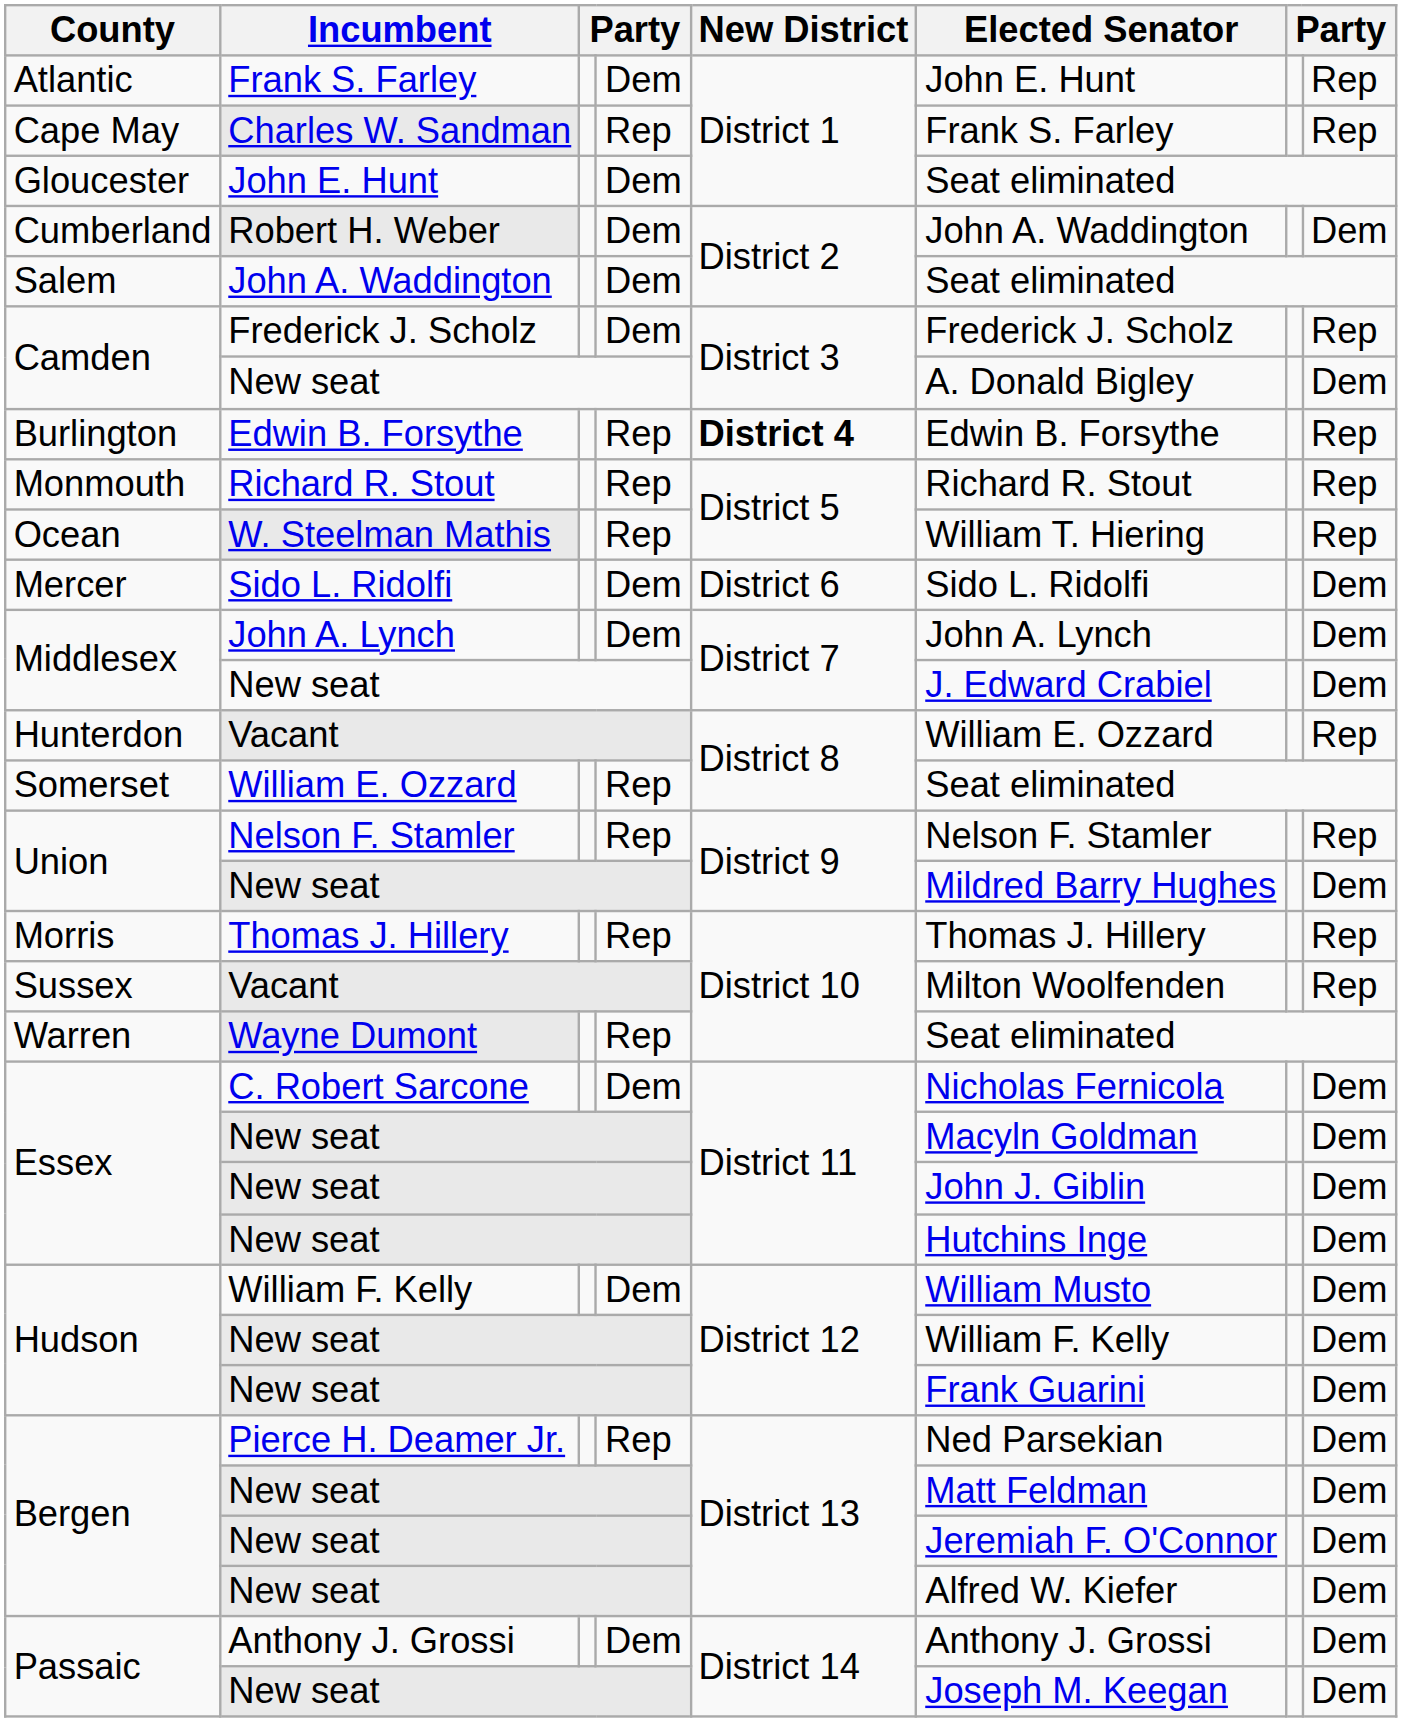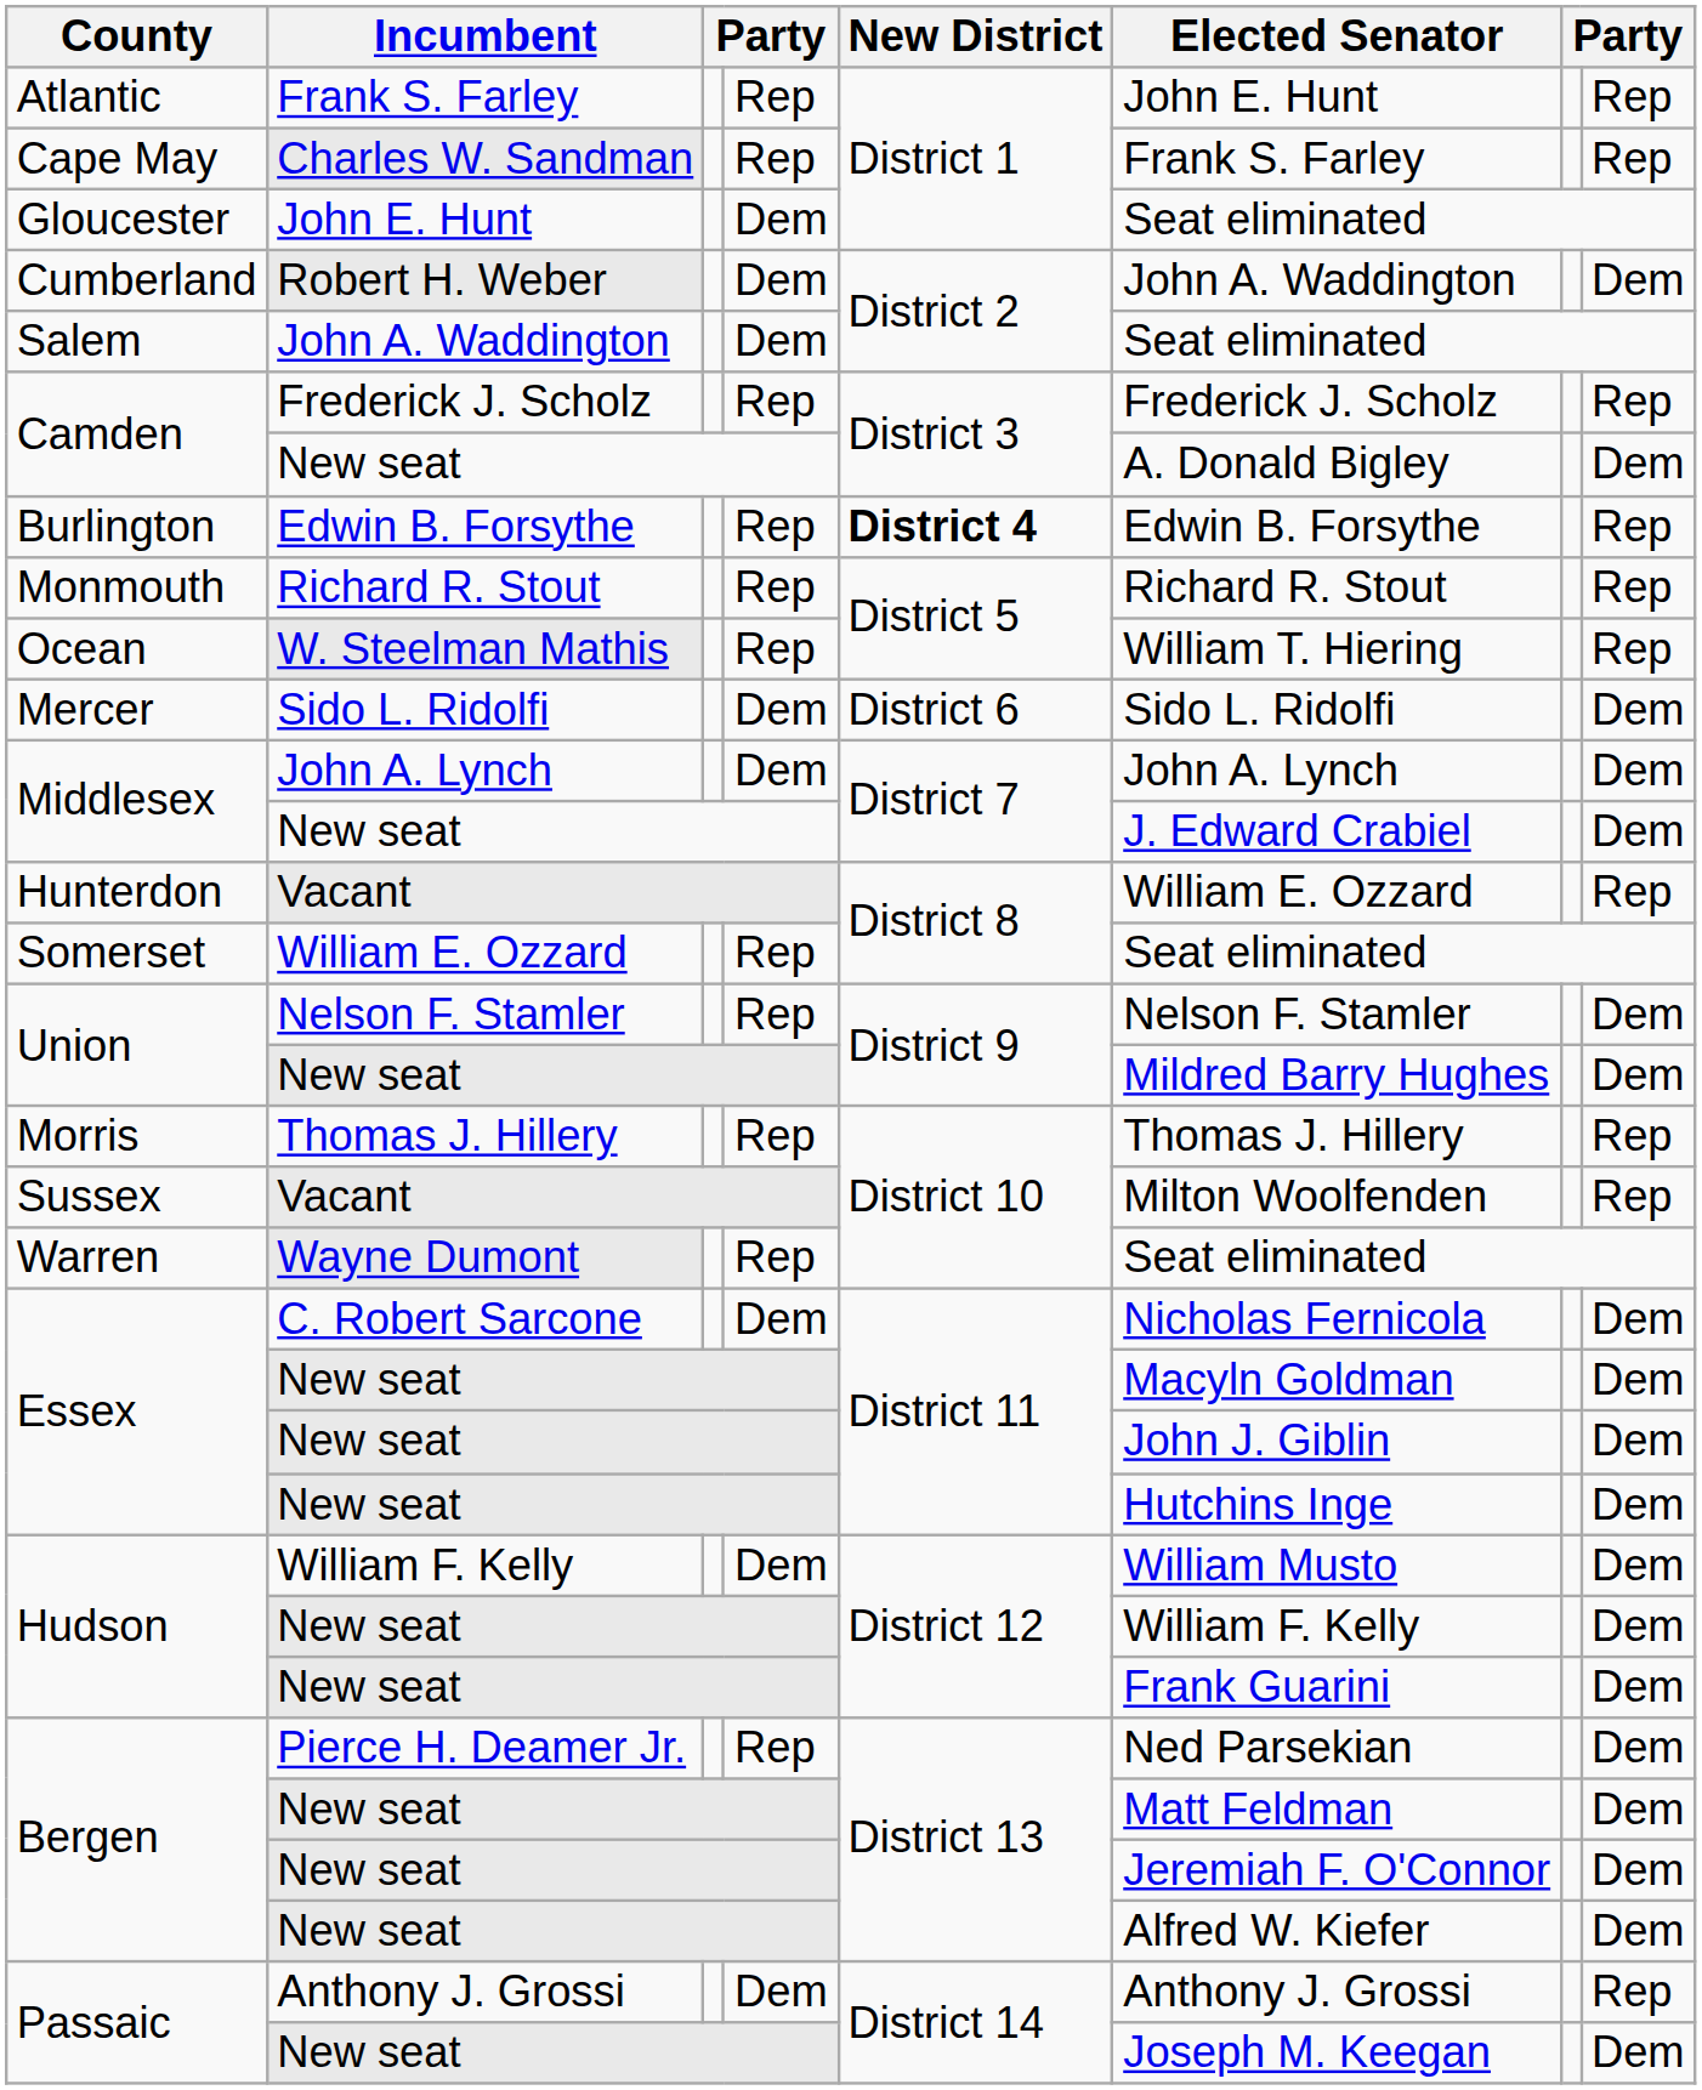 <table class="sortable wikitable" style="font-size:95%;line-height:14px;">
 <tr>
 <th>County</th>
 <th class="unsortable"><a href='#'>Incumbent</a></th>
 <th colspan="2">Party</th>
 <th>New District</th>
 <th>Elected Senator</th>
 <th colspan="2">Party</th>
 </tr>
 <tr>
 <td>Atlantic</td>
 <td><a href='#'>Frank S. Farley</a></td>
 <td style="background:"></td>
-<td>Dem</td>
+<td>Rep</td>
 <td rowspan="3">District 1</td>
 <td>John E. Hunt</td>
 <td style="background:"></td>
 <td>Rep</td>
 </tr>
 <tr>
 <td>Cape May</td>
 <td style="background:#E9E9E9;"><a href='#'>Charles W. Sandman</a></td>
 <td style="background:"></td>
 <td>Rep</td>
 <td>Frank S. Farley</td>
 <td style="background:"></td>
 <td>Rep</td>
 </tr>
 <tr>
 <td>Gloucester</td>
 <td><a href='#'>John E. Hunt</a></td>
 <td style="background:"></td>
 <td>Dem</td>
 <td colspan="3">Seat eliminated</td>
 </tr>
 <tr>
 <td>Cumberland</td>
 <td style="background:#E9E9E9;">Robert H. Weber</td>
 <td style="background:"></td>
 <td>Dem</td>
 <td rowspan="2">District 2</td>
 <td>John A. Waddington</td>
 <td style="background:"></td>
 <td>Dem</td>
 </tr>
 <tr>
 <td>Salem</td>
 <td><a href='#'>John A. Waddington</a></td>
 <td style="background:"></td>
 <td>Dem</td>
 <td colspan="3">Seat eliminated</td>
 </tr>
 <tr>
 <td rowspan="2">Camden</td>
 <td>Frederick J. Scholz</td>
 <td style="background:"></td>
-<td>Dem</td>
+<td>Rep</td>
 <td rowspan="2">District 3</td>
 <td>Frederick J. Scholz</td>
 <td style="background:"></td>
 <td>Rep</td>
 </tr>
 <tr>
 <td colspan="3">New seat</td>
 <td>A. Donald Bigley</td>
 <td style="background:"></td>
 <td>Dem</td>
 </tr>
 <tr>
 <td>Burlington</td>
 <td><a href='#'>Edwin B. Forsythe</a></td>
 <td style="background:"></td>
 <td>Rep</td>
 <td><strong>District 4</strong></td>
 <td>Edwin B. Forsythe</td>
 <td style="background:"></td>
 <td>Rep</td>
 </tr>
 <tr>
 <td>Monmouth</td>
 <td><a href='#'>Richard R. Stout</a></td>
 <td style="background:"></td>
 <td>Rep</td>
 <td rowspan="2">District 5</td>
 <td>Richard R. Stout</td>
 <td style="background:"></td>
 <td>Rep</td>
 </tr>
 <tr>
 <td>Ocean</td>
 <td style="background:#E9E9E9;"><a href='#'>W. Steelman Mathis</a></td>
 <td style="background:"></td>
 <td>Rep</td>
 <td>William T. Hiering</td>
 <td style="background:"></td>
 <td>Rep</td>
 </tr>
 <tr>
 <td>Mercer</td>
 <td><a href='#'>Sido L. Ridolfi</a></td>
 <td style="background:"></td>
 <td>Dem</td>
 <td>District 6</td>
 <td>Sido L. Ridolfi</td>
 <td style="background:"></td>
 <td>Dem</td>
 </tr>
 <tr>
 <td rowspan="2">Middlesex</td>
 <td><a href='#'>John A. Lynch</a></td>
 <td style="background:"></td>
 <td>Dem</td>
 <td rowspan="2">District 7</td>
 <td>John A. Lynch</td>
 <td style="background:"></td>
 <td>Dem</td>
 </tr>
 <tr>
 <td colspan="3">New seat</td>
 <td><a href='#'>J. Edward Crabiel</a></td>
 <td style="background:"></td>
 <td>Dem</td>
 </tr>
 <tr>
 <td>Hunterdon</td>
 <td colspan="3"  style="background:#E9E9E9;">Vacant</td>
 <td rowspan="2">District 8</td>
 <td>William E. Ozzard</td>
 <td style="background:"></td>
 <td>Rep</td>
 </tr>
 <tr>
 <td>Somerset</td>
 <td><a href='#'>William E. Ozzard</a></td>
 <td style="background:"></td>
 <td>Rep</td>
 <td colspan="3">Seat eliminated</td>
 </tr>
 <tr>
 <td rowspan="2">Union</td>
 <td><a href='#'>Nelson F. Stamler</a></td>
 <td style="background:"></td>
 <td>Rep</td>
 <td rowspan="2">District 9</td>
 <td>Nelson F. Stamler</td>
 <td style="background:"></td>
-<td>Rep</td>
+<td>Dem</td>
 </tr>
 <tr>
 <td colspan="3" style="background:#E9E9E9;">New seat</td>
 <td><a href='#'>Mildred Barry Hughes</a></td>
 <td style="background:"></td>
 <td>Dem</td>
 </tr>
 <tr>
 <td>Morris</td>
 <td><a href='#'>Thomas J. Hillery</a></td>
 <td style="background:"></td>
 <td>Rep</td>
 <td rowspan="3">District 10</td>
 <td>Thomas J. Hillery</td>
 <td style="background:"></td>
 <td>Rep</td>
 </tr>
 <tr>
 <td>Sussex</td>
 <td colspan="3"  style="background:#E9E9E9;">Vacant</td>
 <td>Milton Woolfenden</td>
 <td style="background:"></td>
 <td>Rep</td>
 </tr>
 <tr>
 <td>Warren</td>
 <td style="background:#E9E9E9;"><a href='#'>Wayne Dumont</a></td>
 <td style="background:"></td>
 <td>Rep</td>
 <td colspan="3">Seat eliminated</td>
 </tr>
 <tr>
 <td rowspan="4">Essex</td>
 <td><a href='#'>C. Robert Sarcone</a></td>
 <td style="background:"></td>
 <td>Dem</td>
 <td rowspan="4">District 11</td>
 <td><a href='#'>Nicholas Fernicola</a></td>
 <td style="background:"></td>
 <td>Dem</td>
 </tr>
 <tr>
 <td colspan="3" style="background:#E9E9E9;">New seat</td>
 <td><a href='#'>Macyln Goldman</a></td>
 <td style="background:"></td>
 <td>Dem</td>
 </tr>
 <tr>
 <td colspan="3" style="background:#E9E9E9;">New seat</td>
 <td><a href='#'>John J. Giblin</a></td>
 <td style="background:"></td>
 <td>Dem</td>
 </tr>
 <tr>
 <td colspan="3" style="background:#E9E9E9;">New seat</td>
 <td><a href='#'>Hutchins Inge</a></td>
 <td style="background:"></td>
 <td>Dem</td>
 </tr>
 <tr>
 <td rowspan="3">Hudson</td>
 <td>William F. Kelly</td>
 <td style="background:"></td>
 <td>Dem</td>
 <td rowspan="3">District 12</td>
 <td><a href='#'>William Musto</a></td>
 <td style="background:"></td>
 <td>Dem</td>
 </tr>
 <tr>
 <td colspan="3" style="background:#E9E9E9;">New seat</td>
 <td>William F. Kelly</td>
 <td style="background:"></td>
 <td>Dem</td>
 </tr>
 <tr>
 <td colspan="3" style="background:#E9E9E9;">New seat</td>
 <td><a href='#'>Frank Guarini</a></td>
 <td style="background:"></td>
 <td>Dem</td>
 </tr>
 <tr>
 <td rowspan="4">Bergen</td>
 <td><a href='#'>Pierce H. Deamer Jr.</a></td>
 <td style="background:"></td>
 <td>Rep</td>
 <td rowspan="4">District 13</td>
 <td>Ned Parsekian</td>
 <td style="background:"></td>
 <td>Dem</td>
 </tr>
 <tr>
 <td colspan="3" style="background:#E9E9E9;">New seat</td>
 <td><a href='#'>Matt Feldman</a></td>
 <td style="background:"></td>
 <td>Dem</td>
 </tr>
 <tr>
 <td colspan="3" style="background:#E9E9E9;">New seat</td>
 <td><a href='#'>Jeremiah F. O'Connor</a></td>
 <td style="background:"></td>
 <td>Dem</td>
 </tr>
 <tr>
 <td colspan="3" style="background:#E9E9E9;">New seat</td>
 <td>Alfred W. Kiefer</td>
 <td style="background:"></td>
 <td>Dem</td>
 </tr>
 <tr>
 <td rowspan="2">Passaic</td>
 <td>Anthony J. Grossi</td>
 <td style="background:"></td>
 <td>Dem</td>
 <td rowspan="2">District 14</td>
 <td>Anthony J. Grossi</td>
 <td style="background:"></td>
-<td>Dem</td>
+<td>Rep</td>
 </tr>
 <tr>
 <td colspan="3" style="background:#E9E9E9;">New seat</td>
 <td><a href='#'>Joseph M. Keegan</a></td>
 <td style="background:"></td>
 <td>Dem</td>
 </tr>
 </table>
